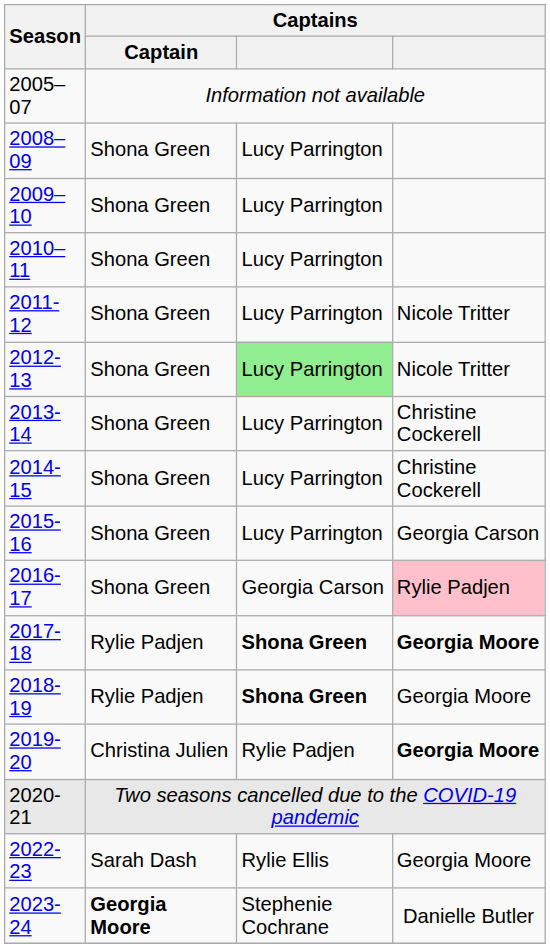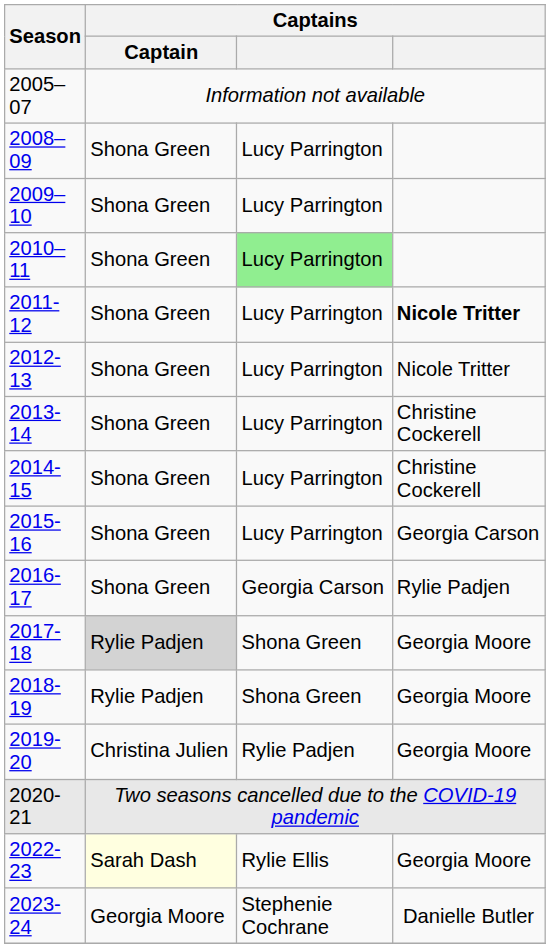 <table class="sortable wikitable" style="width:34%;text-align:center">
 <tr>
 <th rowspan="2">Season</th>
 <th colspan="3">Captains</th>
 </tr>
 <tr>
 <th width=33%>Captain</th>
 <th width=33%></th>
 <th width=33%></th>
 </tr>
 <tr>
 <td align=left>2005–07</td>
 <td colspan="3"><em>Information not available</em></td>
 </tr>
 <tr>
 <td align=left><a href='#'>2008–09</a></td>
 <td align=left> Shona Green</td>
 <td align=left> Lucy Parrington</td>
 <td></td>
 </tr>
 <tr>
 <td align=left><a href='#'>2009–10</a></td>
 <td align=left> Shona Green</td>
 <td align=left> Lucy Parrington</td>
 <td></td>
 </tr>
 <tr>
 <td align=left><a href='#'>2010–11</a></td>
 <td align=left> Shona Green</td>
-<td align=left> Lucy Parrington</td>
+<td align=left style="background: lightgreen;"> Lucy Parrington</td>
 <td></td>
 </tr>
 <tr>
 <td align=left><a href='#'>2011-12</a></td>
 <td align=left> Shona Green</td>
 <td align=left> Lucy Parrington</td>
-<td align=left> Nicole Tritter</td>
+<td align=left><strong> Nicole Tritter</strong></td>
 </tr>
 <tr>
 <td align=left><a href='#'>2012-13</a></td>
 <td align=left> Shona Green</td>
-<td align=left style="background: lightgreen;"> Lucy Parrington</td>
+<td align=left> Lucy Parrington</td>
 <td align=left> Nicole Tritter</td>
 </tr>
 <tr>
 <td align=left><a href='#'>2013-14</a></td>
 <td align=left> Shona Green</td>
 <td align=left> Lucy Parrington</td>
 <td align=left> Christine Cockerell</td>
 </tr>
 <tr>
 <td align=left><a href='#'>2014-15</a></td>
 <td align=left> Shona Green</td>
 <td align=left> Lucy Parrington</td>
 <td align=left> Christine Cockerell</td>
 </tr>
 <tr>
 <td align=left><a href='#'>2015-16</a></td>
 <td align=left> Shona Green</td>
 <td align=left> Lucy Parrington</td>
 <td align=left> Georgia Carson</td>
 </tr>
 <tr>
 <td align=left><a href='#'>2016-17</a></td>
 <td align=left> Shona Green</td>
 <td align=left> Georgia Carson</td>
-<td align=left style="background: pink;"> Rylie Padjen</td>
+<td align=left> Rylie Padjen</td>
 </tr>
 <tr>
 <td align=left><a href='#'>2017-18</a></td>
-<td align=left> Rylie Padjen</td>
-<td align=left><strong> Shona Green</strong></td>
-<td align=left><strong> Georgia Moore</strong></td>
+<td align=left style="background: lightgrey;"> Rylie Padjen</td>
+<td align=left> Shona Green</td>
+<td align=left> Georgia Moore</td>
 </tr>
 <tr>
 <td align=left><a href='#'>2018-19</a></td>
 <td align=left> Rylie Padjen</td>
-<td align=left><strong> Shona Green</strong></td>
+<td align=left> Shona Green</td>
 <td align=left> Georgia Moore</td>
 </tr>
 <tr>
 <td align=left><a href='#'>2019-20</a></td>
 <td align=left> Christina Julien</td>
 <td align=left> Rylie Padjen</td>
-<td align=left><strong> Georgia Moore</strong></td>
+<td align=left> Georgia Moore</td>
 </tr>
 <tr>
 <td align=left bgcolor="#e8e8e8">2020-21</td>
 <td colspan="3" bgcolor="#e8e8e8"><em>Two seasons cancelled due to the <a href='#'>COVID-19 pandemic</a></em></td>
 </tr>
 <tr>
 <td align=left><a href='#'>2022-23</a></td>
-<td align=left> Sarah Dash</td>
+<td align=left style="background: lightyellow;"> Sarah Dash</td>
 <td align=left> Rylie Ellis</td>
 <td align=left> Georgia Moore</td>
 </tr>
 <tr>
 <td align=left><a href='#'>2023-24</a></td>
-<td align=left><strong> Georgia Moore</strong></td>
+<td align=left> Georgia Moore</td>
 <td align=left> Stephenie Cochrane</td>
 <td> Danielle Butler</td>
 </tr>
 <tr>
 </tr>
 </table>
